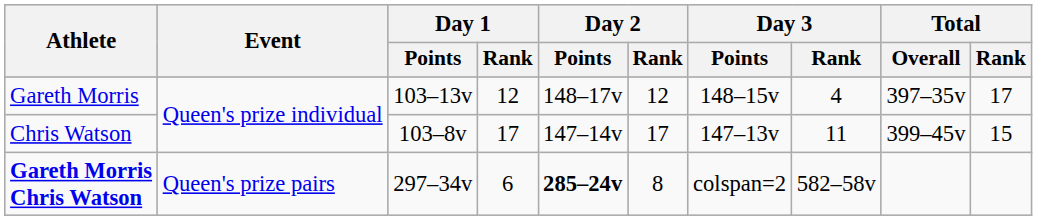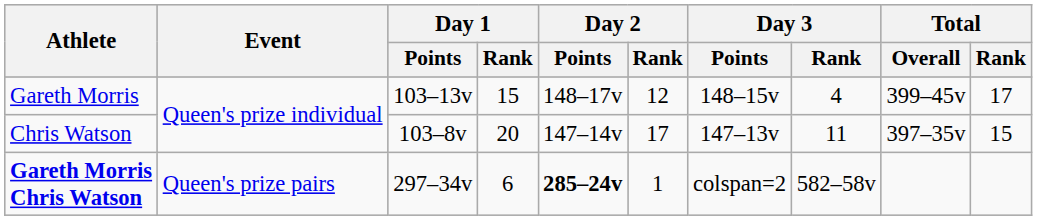 <table class="wikitable" style="font-size:90%">
 <tr>
 <th rowspan=2>Athlete</th>
 <th rowspan=2>Event</th>
 <th colspan=2>Day 1</th>
 <th colspan=2>Day 2</th>
 <th colspan=2>Day 3</th>
 <th colspan=2>Total</th>
 </tr>
 <tr style="font-size:95%">
 <th>Points</th>
 <th>Rank</th>
 <th>Points</th>
 <th>Rank</th>
 <th>Points</th>
 <th>Rank</th>
 <th>Overall</th>
 <th>Rank</th>
 </tr>
 <tr align=center>
 <td align=left><a href='#'>Gareth Morris</a></td>
 <td align=left rowspan=2><a href='#'>Queen's prize individual</a></td>
 <td>103–13v</td>
-<td>12</td>
+<td>15</td>
 <td>148–17v</td>
 <td>12</td>
 <td>148–15v</td>
 <td>4</td>
-<td>397–35v</td>
+<td>399–45v</td>
 <td>17</td>
 </tr>
 <tr align=center>
 <td align=left><a href='#'>Chris Watson</a></td>
 <td>103–8v</td>
-<td>17</td>
+<td>20</td>
 <td>147–14v</td>
 <td>17</td>
 <td>147–13v</td>
 <td>11</td>
-<td>399–45v</td>
+<td>397–35v</td>
 <td>15</td>
 </tr>
 <tr align=center>
 <td align=left><strong><a href='#'>Gareth Morris</a><br><a href='#'>Chris Watson</a></strong></td>
 <td align=left><a href='#'>Queen's prize pairs</a></td>
 <td>297–34v</td>
 <td>6</td>
 <td><strong>285–24v</strong></td>
-<td>8</td>
+<td>1</td>
 <td>colspan=2 </td>
 <td>582–58v</td>
 <td></td>
 </tr>
 </table>
